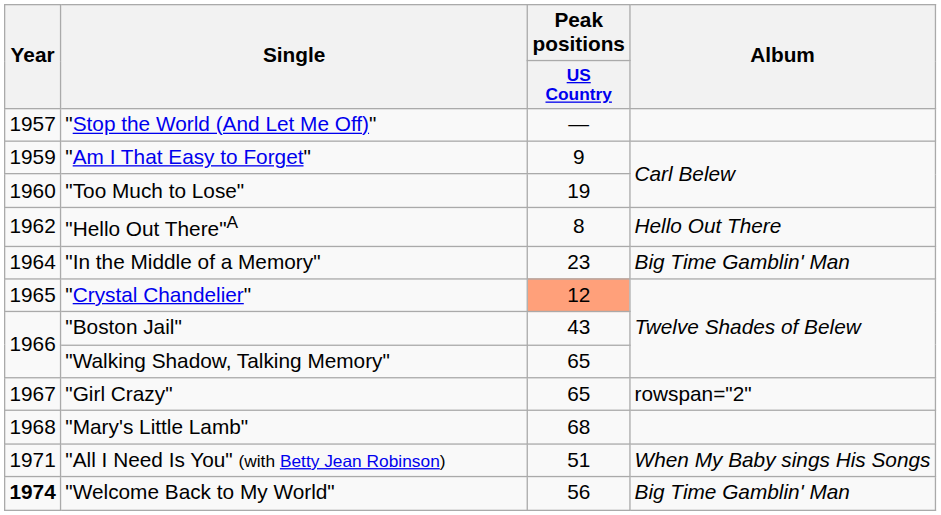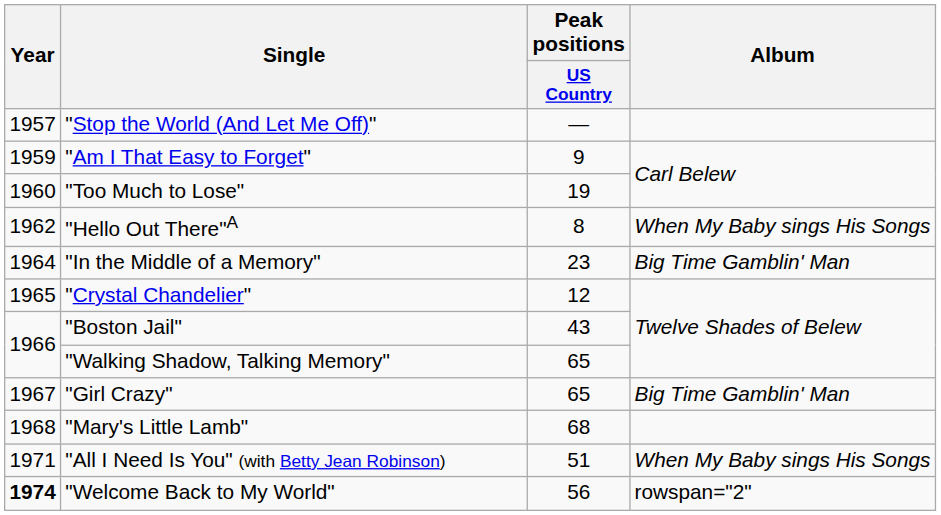 <table class="wikitable plainrowheaders" style="text-align:left;">
 <tr z>
 <th rowspan="2">Year</th>
 <th rowspan="2" style="width:22em;">Single</th>
 <th colspan="1">Peak positions</th>
 <th rowspan="2">Album</th>
 </tr>
 <tr style="font-size:smaller;">
 <th width="60"><a href='#'>US Country</a><br></th>
 </tr>
 <tr>
 <td>1957</td>
 <td>"<a href='#'>Stop the World (And Let Me Off)</a>"</td>
 <td align="center">—</td>
 <td></td>
 </tr>
 <tr>
 <td>1959</td>
 <td>"<a href='#'>Am I That Easy to Forget</a>"</td>
 <td align="center">9</td>
 <td rowspan="2"><em>Carl Belew</em></td>
 </tr>
 <tr>
 <td>1960</td>
 <td>"Too Much to Lose"</td>
 <td align="center">19</td>
 </tr>
 <tr>
 <td>1962</td>
 <td>"Hello Out There"<sup>A</sup></td>
 <td align="center">8</td>
-<td><em>Hello Out There</em></td>
+<td><em>When My Baby sings His Songs</em></td>
 </tr>
 <tr>
 <td>1964</td>
 <td>"In the Middle of a Memory"</td>
 <td align="center">23</td>
 <td><em>Big Time Gamblin' Man</em></td>
 </tr>
 <tr>
 <td>1965</td>
 <td>"<a href='#'>Crystal Chandelier</a>"</td>
-<td align="center" style="background: lightsalmon;">12</td>
+<td align="center">12</td>
 <td rowspan="3"><em>Twelve Shades of Belew</em></td>
 </tr>
 <tr>
 <td rowspan=2>1966</td>
 <td>"Boston Jail"</td>
 <td align="center">43</td>
 </tr>
 <tr>
 <td>"Walking Shadow, Talking Memory"</td>
 <td align="center">65</td>
 </tr>
 <tr>
 <td>1967</td>
 <td>"Girl Crazy"</td>
 <td align="center">65</td>
-<td>rowspan="2" </td>
+<td><em>Big Time Gamblin' Man</em></td>
 </tr>
 <tr>
 <td>1968</td>
 <td>"Mary's Little Lamb"</td>
 <td align="center">68</td>
 </tr>
 <tr>
 <td>1971</td>
 <td>"All I Need Is You" <small>(with <a href='#'>Betty Jean Robinson</a>)</small></td>
 <td align="center">51</td>
 <td><em>When My Baby sings His Songs</em></td>
 </tr>
 <tr>
 <td><strong>1974</strong></td>
 <td>"Welcome Back to My World"</td>
 <td align="center">56</td>
-<td><em>Big Time Gamblin' Man</em></td>
+<td>rowspan="2" </td>
 </tr>
 </table>
